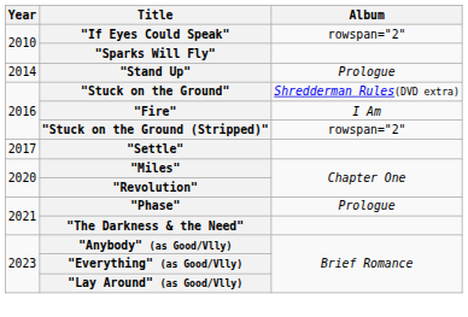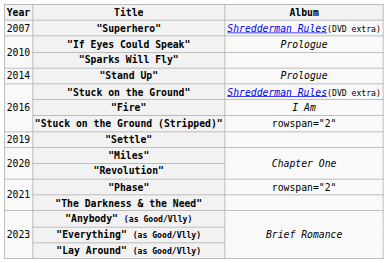 <table class="wikitable plainrowheaders" style="text-align:center;">
 <tr>
 <th scope="col" rowspan="1">Year</th>
 <th scope="col" rowspan="1">Title</th>
 <th scope="col" rowspan="1">Album</th>
 </tr>
 <tr>
+<td>2007</td>
+<th scope="row">"Superhero"</th>
+<td><em><a href='#'>Shredderman Rules</a></em><small>(DVD extra)</small></td>
+</tr>
+<tr>
 <td rowspan="2">2010</td>
 <th scope="row">"If Eyes Could Speak"</th>
-<td>rowspan="2" </td>
+<td><em>Prologue</em></td>
 </tr>
 <tr>
 <th scope="row">"Sparks Will Fly"</th>
 <td></td>
 </tr>
 <tr>
 <td>2014</td>
 <th scope="row">"Stand Up"</th>
 <td><em>Prologue</em></td>
 </tr>
 <tr>
 <td rowspan="3">2016</td>
 <th scope="row">"Stuck on the Ground"</th>
 <td><em><a href='#'>Shredderman Rules</a></em><small>(DVD extra)</small></td>
 </tr>
 <tr>
 <th scope="row">"Fire"</th>
 <td><em>I Am</em></td>
 </tr>
 <tr>
 <th scope="row">"Stuck on the Ground (Stripped)"</th>
 <td>rowspan="2" </td>
 </tr>
 <tr>
-<td>2017</td>
+<td>2019</td>
 <th scope="row">"Settle"</th>
 </tr>
 <tr>
 <td rowspan="2">2020</td>
 <th scope="row">"Miles"</th>
 <td rowspan="2"><em>Chapter One</em></td>
 </tr>
 <tr>
 <th scope="row">"Revolution"</th>
 </tr>
 <tr>
 <td rowspan="2">2021</td>
 <th scope="row">"Phase"</th>
-<td><em>Prologue</em></td>
+<td>rowspan="2" </td>
 </tr>
 <tr>
 <th scope="row">"The Darkness & the Need"</th>
 </tr>
 <tr>
 <td rowspan="3">2023</td>
 <th scope="row">"Anybody" <small>(as Good/Vlly)</small></th>
 <td rowspan="3"><em>Brief Romance</em></td>
 </tr>
 <tr>
 <th scope="row">"Everything" <small>(as Good/Vlly)</small></th>
 </tr>
 <tr>
 <th scope="row">"Lay Around" <small>(as Good/Vlly)</small></th>
 </tr>
 </table>
